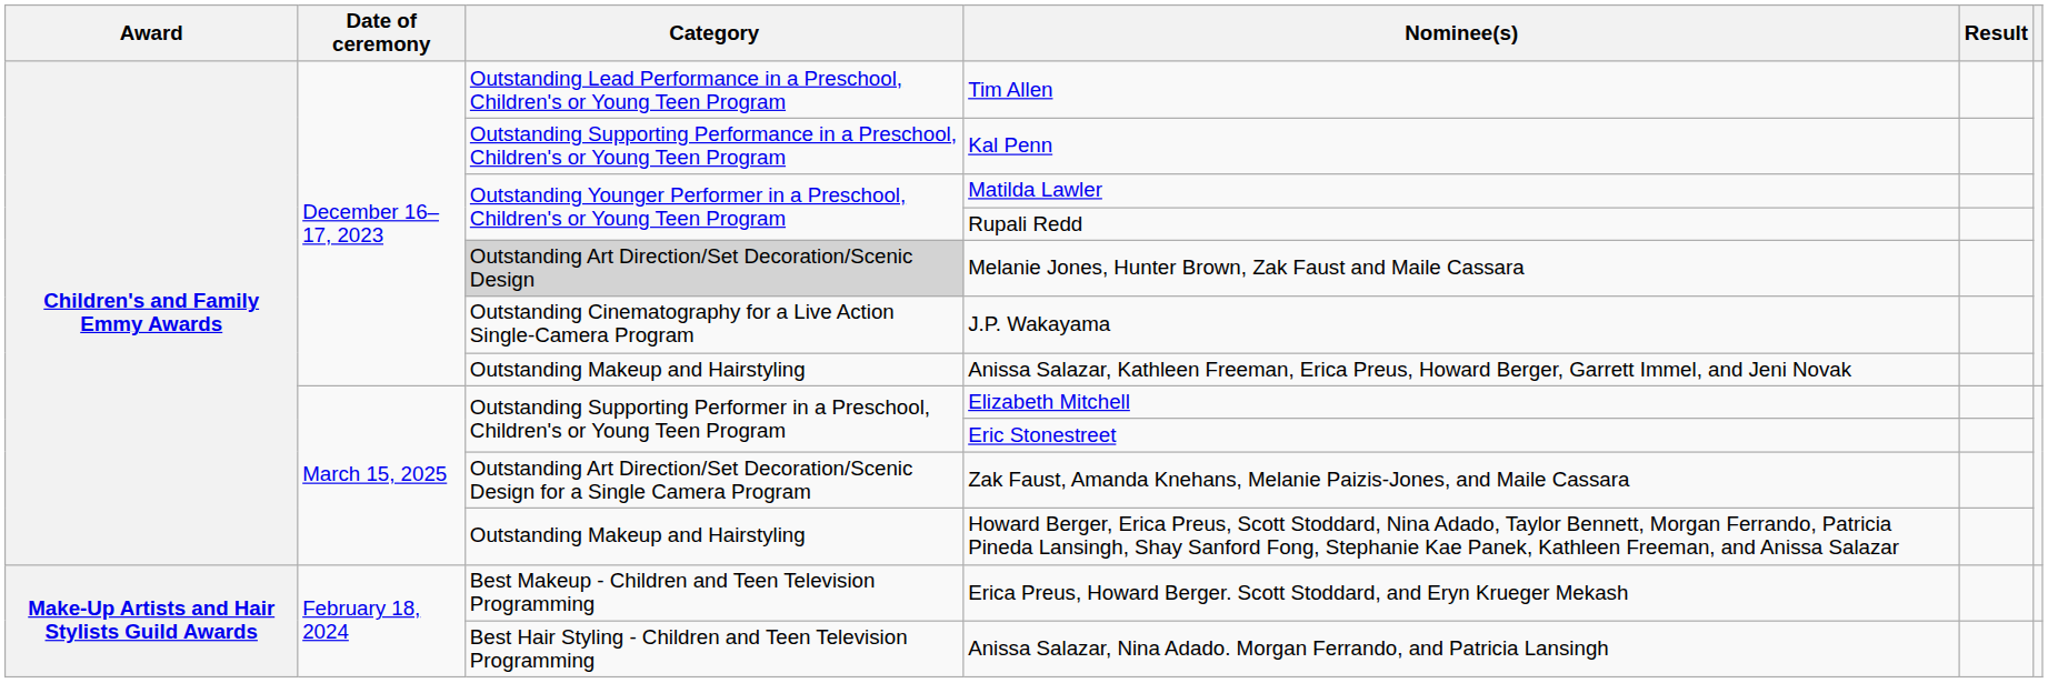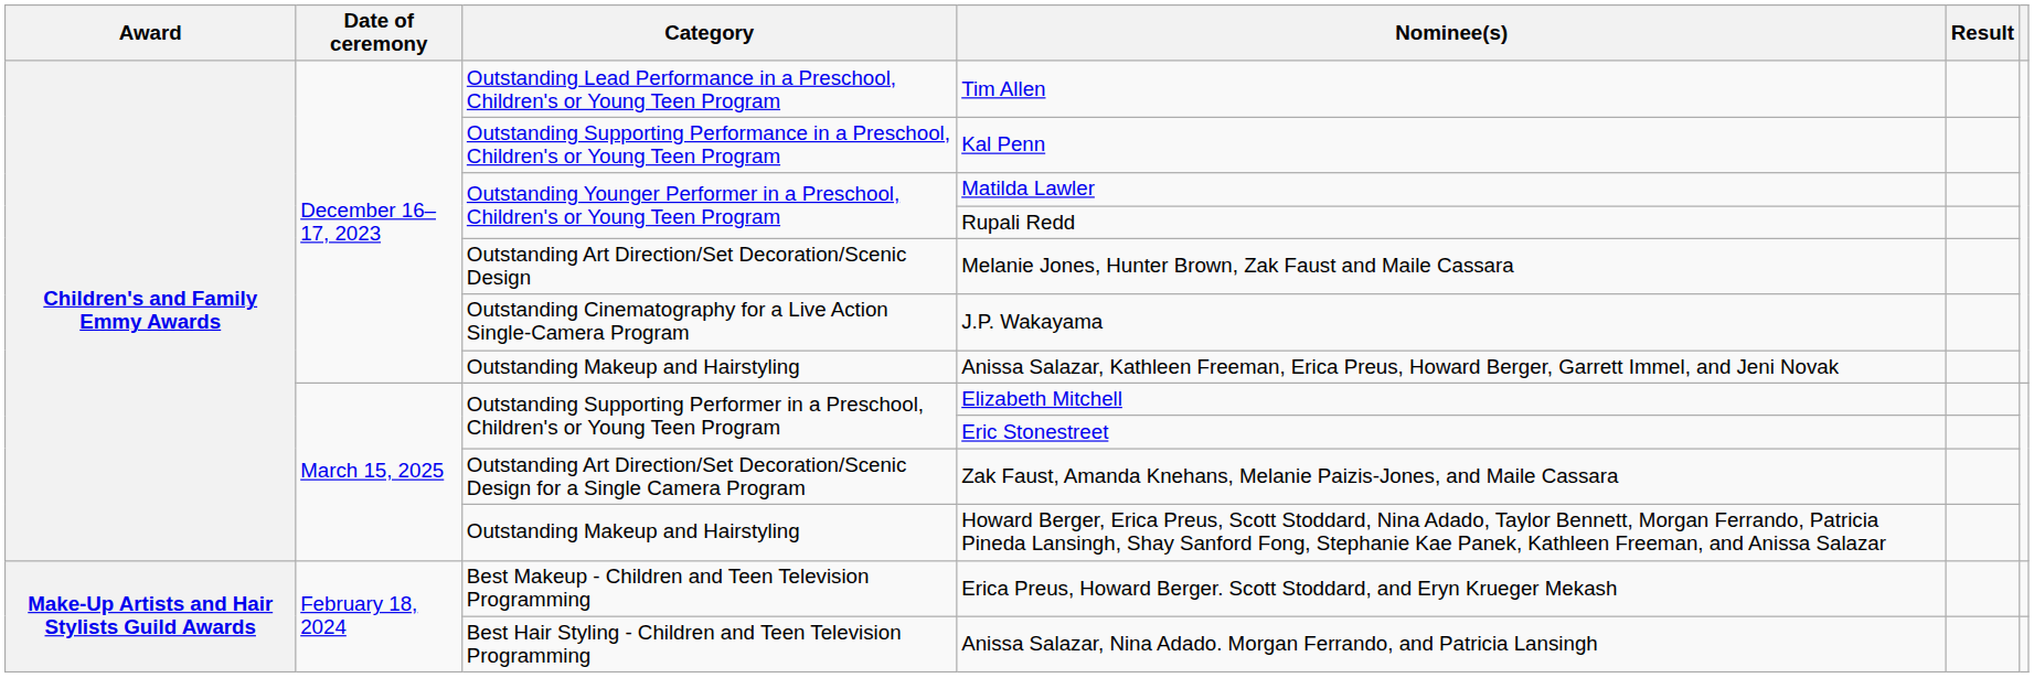 <table class="wikitable plainrowheaders">
 <tr>
 <th scope="col">Award</th>
 <th scope="col">Date of ceremony</th>
 <th scope="col">Category</th>
 <th scope="col">Nominee(s)</th>
 <th scope="col">Result</th>
 <th scope="col"></th>
 </tr>
 <tr>
 <th scope="row" rowspan="11"><a href='#'>Children's and Family Emmy Awards</a></th>
 <td rowspan="7"><a href='#'>December 16–17, 2023</a></td>
 <td><a href='#'>Outstanding Lead Performance in a Preschool, Children's or Young Teen Program</a></td>
 <td><a href='#'>Tim Allen</a></td>
 <td></td>
 <td align="center" rowspan="7"></td>
 </tr>
 <tr>
 <td><a href='#'>Outstanding Supporting Performance in a Preschool, Children's or Young Teen Program</a></td>
 <td><a href='#'>Kal Penn</a></td>
 <td></td>
 </tr>
 <tr>
 <td rowspan="2"><a href='#'>Outstanding Younger Performer in a Preschool, Children's or Young Teen Program</a></td>
 <td><a href='#'>Matilda Lawler</a></td>
 <td></td>
 </tr>
 <tr>
 <td>Rupali Redd</td>
 <td></td>
 </tr>
 <tr>
-<td style="background: lightgrey;">Outstanding Art Direction/Set Decoration/Scenic Design</td>
+<td>Outstanding Art Direction/Set Decoration/Scenic Design</td>
 <td>Melanie Jones, Hunter Brown, Zak Faust and Maile Cassara</td>
 <td></td>
 </tr>
 <tr>
 <td>Outstanding Cinematography for a Live Action Single-Camera Program</td>
 <td>J.P. Wakayama</td>
 <td></td>
 </tr>
 <tr>
 <td>Outstanding Makeup and Hairstyling</td>
 <td>Anissa Salazar, Kathleen Freeman, Erica Preus, Howard Berger, Garrett Immel, and Jeni Novak</td>
 <td></td>
 </tr>
 <tr>
 <td rowspan="4"><a href='#'>March 15, 2025</a></td>
 <td rowspan="2">Outstanding Supporting Performer in a Preschool, Children's or Young Teen Program</td>
 <td><a href='#'>Elizabeth Mitchell</a></td>
 <td></td>
 <td style="text-align:center;" rowspan="4"></td>
 </tr>
 <tr>
 <td><a href='#'>Eric Stonestreet</a></td>
 <td></td>
 </tr>
 <tr>
 <td>Outstanding Art Direction/Set Decoration/Scenic Design for a Single Camera Program</td>
 <td>Zak Faust, Amanda Knehans, Melanie Paizis-Jones, and Maile Cassara</td>
 <td></td>
 </tr>
 <tr>
 <td>Outstanding Makeup and Hairstyling</td>
 <td>Howard Berger, Erica Preus, Scott Stoddard, Nina Adado, Taylor Bennett, Morgan Ferrando, Patricia Pineda Lansingh, Shay Sanford Fong, Stephanie Kae Panek, Kathleen Freeman, and Anissa Salazar</td>
 <td></td>
 </tr>
 <tr>
 <th rowspan="2" scope="row" style="text-align: center;"><a href='#'>Make-Up Artists and Hair Stylists Guild Awards</a></th>
 <td rowspan="2"><a href='#'>February 18, 2024</a></td>
 <td>Best Makeup - Children and Teen Television Programming</td>
 <td>Erica Preus, Howard Berger. Scott Stoddard, and Eryn Krueger Mekash</td>
 <td></td>
 <td style="text-align:center;"></td>
 </tr>
 <tr>
 <td>Best Hair Styling - Children and Teen Television Programming</td>
 <td>Anissa Salazar, Nina Adado. Morgan Ferrando, and Patricia Lansingh</td>
 <td></td>
 <td style="text-align:center;"></td>
 </tr>
 </table>
